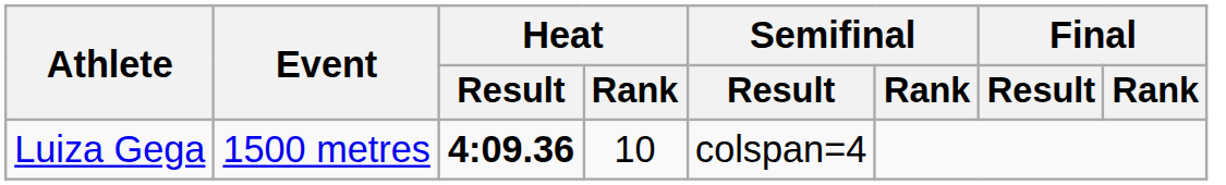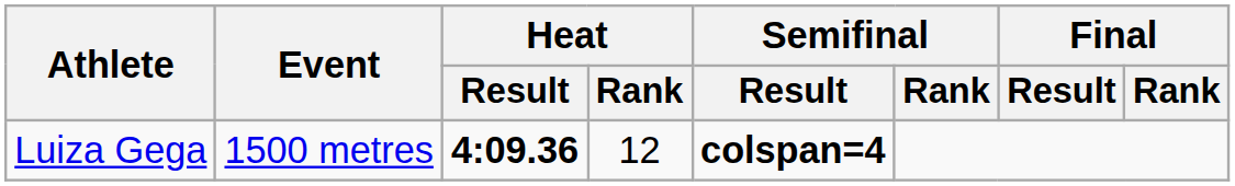 <table class="wikitable" style="font-size:90%">
 <tr>
 <th rowspan="2">Athlete</th>
 <th rowspan="2">Event</th>
 <th colspan="2">Heat</th>
 <th colspan="2">Semifinal</th>
 <th colspan="2">Final</th>
 </tr>
 <tr style="font-size:95%">
 <th>Result</th>
 <th>Rank</th>
 <th>Result</th>
 <th>Rank</th>
 <th>Result</th>
 <th>Rank</th>
 </tr>
 <tr style=text-align:center>
 <td style=text-align:left><a href='#'>Luiza Gega</a></td>
 <td style=text-align:left><a href='#'>1500 metres</a></td>
 <td><strong>4:09.36</strong></td>
-<td>10</td>
-<td>colspan=4 </td>
+<td>12</td>
+<td><strong>colspan=4 </strong></td>
 </tr>
 </table>
